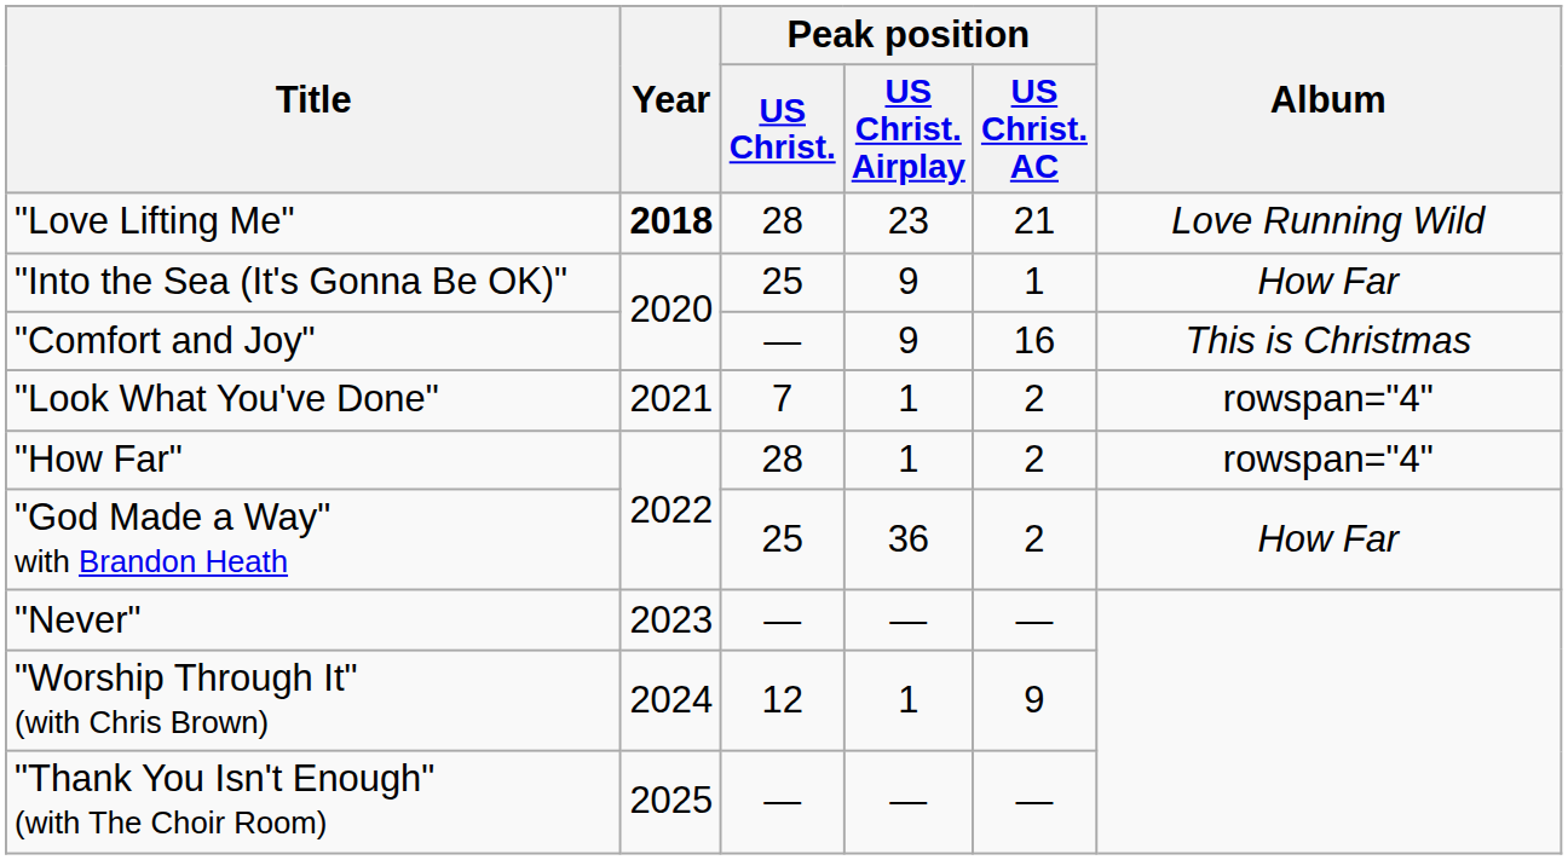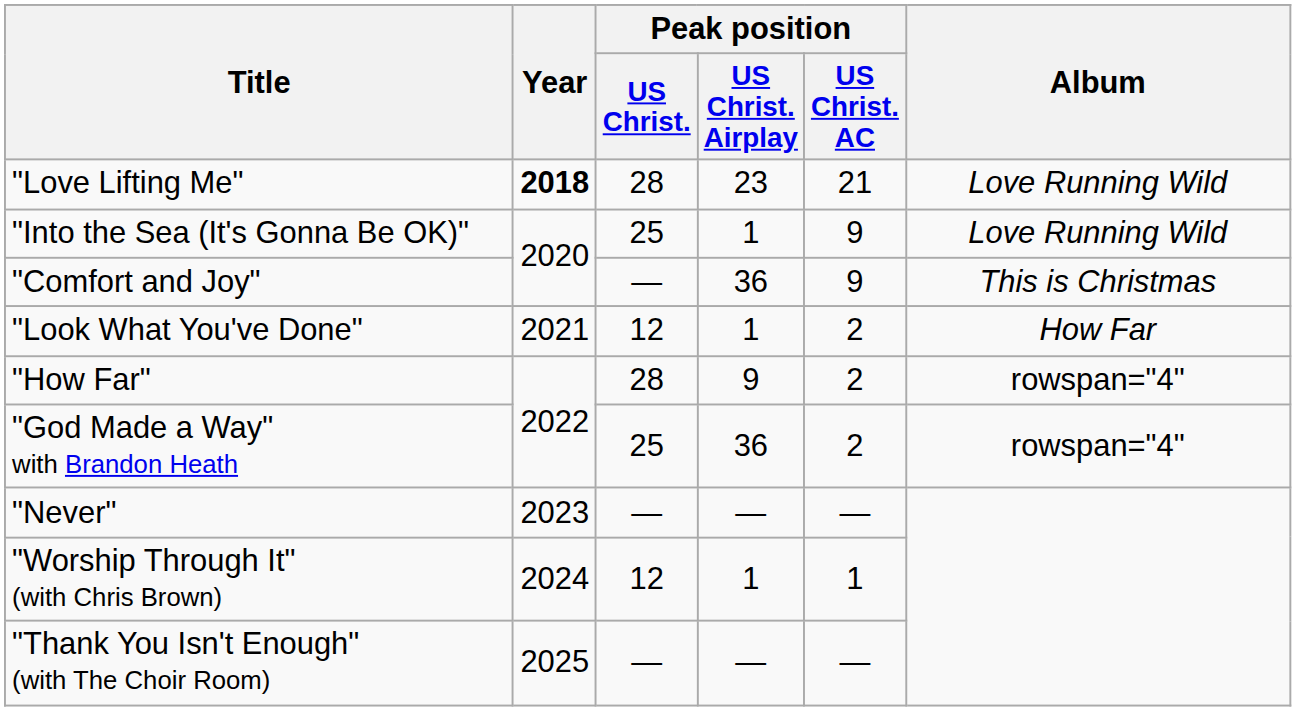 <table class="wikitable" style="text-align:center;">
 <tr>
 <th style="width:16em;" rowspan="2">Title</th>
 <th rowspan="2">Year</th>
 <th colspan="3">Peak position</th>
 <th style="width:12em;" rowspan="2">Album</th>
 </tr>
 <tr>
 <th style="width:3em; font-size:90%"><a href='#'>US<br>Christ.</a><br></th>
 <th style="width:3em; font-size:90%"><a href='#'>US<br>Christ.<br>Airplay</a><br></th>
 <th style="width:3em; font-size:90%"><a href='#'>US<br>Christ.<br>AC</a><br></th>
 </tr>
 <tr>
 <td align="left">"Love Lifting Me"</td>
 <td><strong>2018</strong></td>
 <td>28</td>
 <td>23</td>
 <td>21</td>
 <td><em>Love Running Wild</em></td>
 </tr>
 <tr>
 <td align="left">"Into the Sea (It's Gonna Be OK)"</td>
 <td rowspan="2">2020</td>
 <td>25</td>
+<td>1</td>
 <td>9</td>
-<td>1</td>
-<td><em>How Far</em></td>
+<td><em>Love Running Wild</em></td>
 </tr>
 <tr>
 <td align="left">"Comfort and Joy"</td>
 <td>—</td>
+<td>36</td>
 <td>9</td>
-<td>16</td>
 <td><em>This is Christmas</em></td>
 </tr>
 <tr>
 <td align="left">"Look What You've Done"</td>
 <td>2021</td>
-<td>7</td>
+<td>12</td>
 <td>1</td>
 <td>2</td>
-<td>rowspan="4" </td>
+<td><em>How Far</em></td>
 </tr>
 <tr>
 <td align="left">"How Far"</td>
 <td rowspan="2">2022</td>
 <td>28</td>
-<td>1</td>
+<td>9</td>
 <td>2</td>
 <td>rowspan="4" </td>
 </tr>
 <tr>
 <td align="left">"God Made a Way"<br><small>with <a href='#'>Brandon Heath</a></small></td>
 <td>25</td>
 <td>36</td>
 <td>2</td>
-<td><em>How Far</em></td>
+<td>rowspan="4" </td>
 </tr>
 <tr>
 <td align="left">"Never"</td>
 <td>2023</td>
 <td>—</td>
 <td>—</td>
 <td>—</td>
 </tr>
 <tr>
 <td align="left">"Worship Through It"<br><small>(with Chris Brown)</small></td>
 <td>2024</td>
 <td>12</td>
 <td>1</td>
-<td>9</td>
+<td>1</td>
 </tr>
 <tr>
 <td align="left">"Thank You Isn't Enough"<br><small>(with The Choir Room)</small></td>
 <td>2025</td>
 <td>—</td>
 <td>—</td>
 <td>—</td>
 </tr>
 </table>
